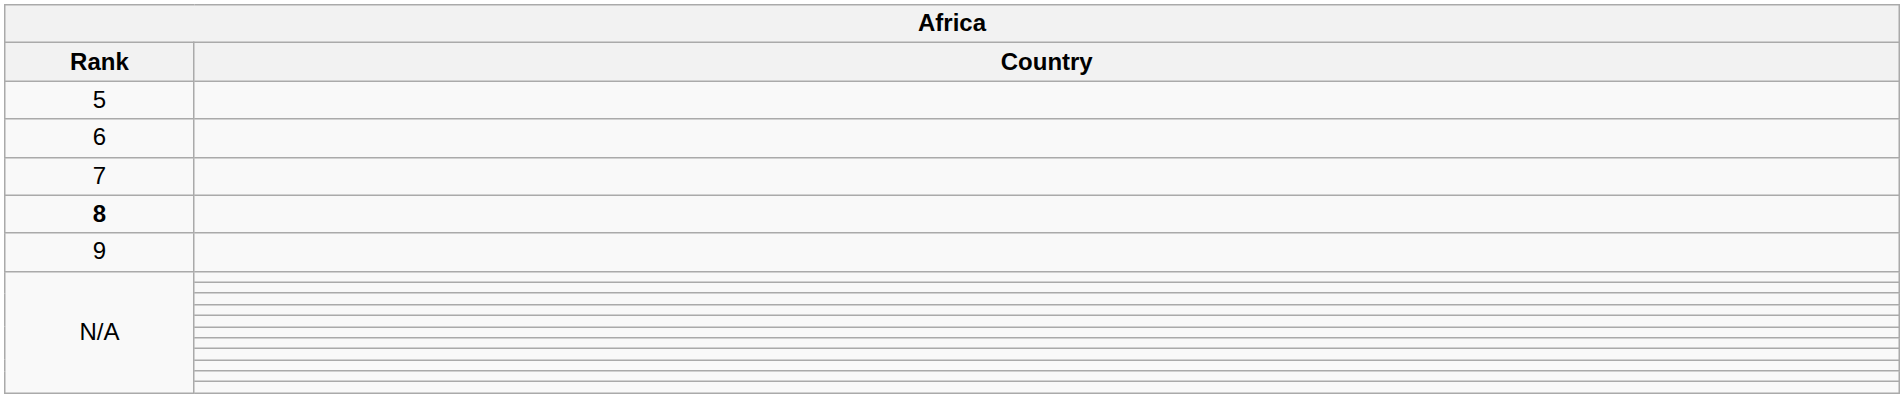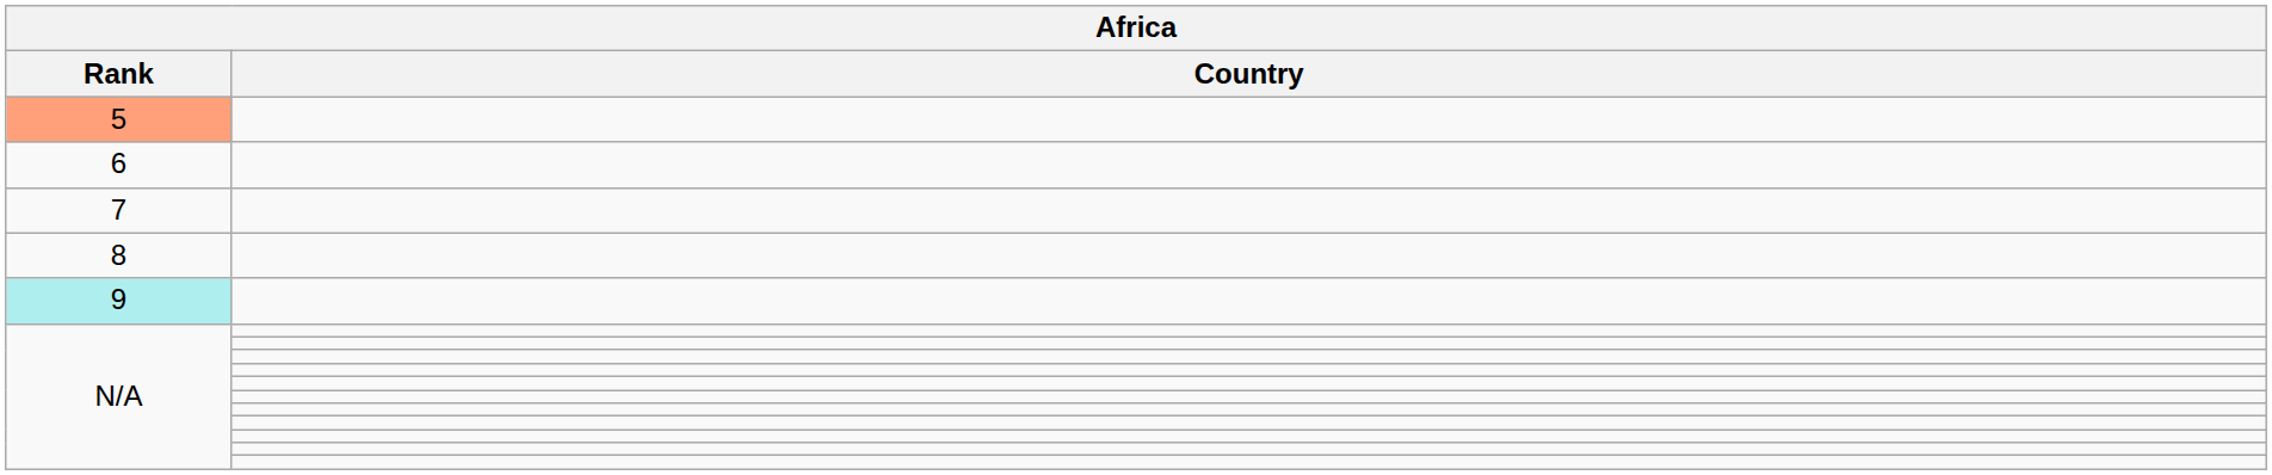 <table class="wikitable sortable" style="text-align: center" width=100%>
 <tr>
 <th colspan=2 align="center">Africa</th>
 </tr>
 <tr>
 <th width=10% align="center">Rank</th>
 <th width=90% align="center">Country</th>
 </tr>
 <tr>
-<td>5</td>
+<td style="background: lightsalmon;">5</td>
 <td align="left"></td>
 </tr>
 <tr>
 <td>6</td>
 <td align="left"></td>
 </tr>
 <tr>
 <td>7</td>
 <td align="left"></td>
 </tr>
 <tr>
-<td><strong>8</strong></td>
+<td>8</td>
 <td align="left"></td>
 </tr>
 <tr>
-<td>9</td>
+<td style="background: paleturquoise;">9</td>
 <td align="left"></td>
 </tr>
 <tr>
 <td rowspan=11>N/A</td>
 <td align="left"></td>
 </tr>
 <tr>
 <td align="left"></td>
 </tr>
 <tr>
 <td align="left"></td>
 </tr>
 <tr>
 <td align="left"></td>
 </tr>
 <tr>
 <td align="left"></td>
 </tr>
 <tr>
 <td align="left"></td>
 </tr>
 <tr>
 <td align="left"></td>
 </tr>
 <tr>
 <td align="left"></td>
 </tr>
 <tr>
 <td align="left"></td>
 </tr>
 <tr>
 <td align="left"></td>
 </tr>
 <tr>
 <td align="left"></td>
 </tr>
 </table>
